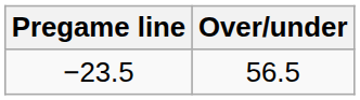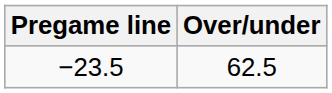 <table class="wikitable" style="margin-left: auto; margin-right: auto; border: none; display: inline-table;">
 <tr align="center">
 <th style=>Pregame line</th>
 <th style=>Over/under</th>
 </tr>
 <tr align="center">
 <td>−23.5</td>
-<td>56.5</td>
+<td>62.5</td>
 </tr>
 </table>
